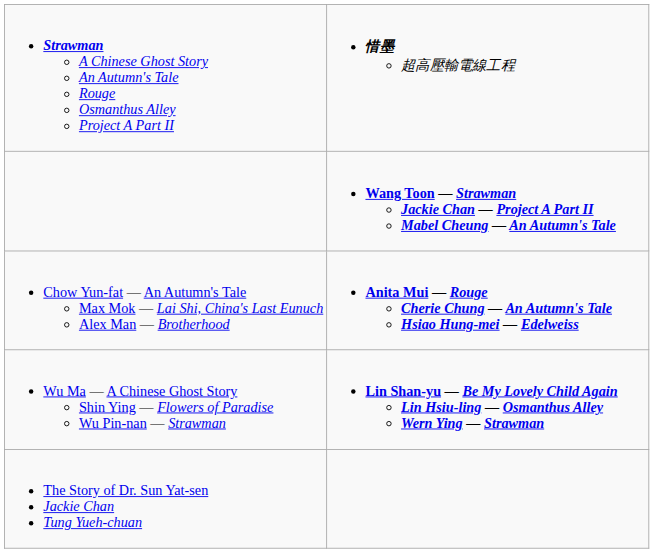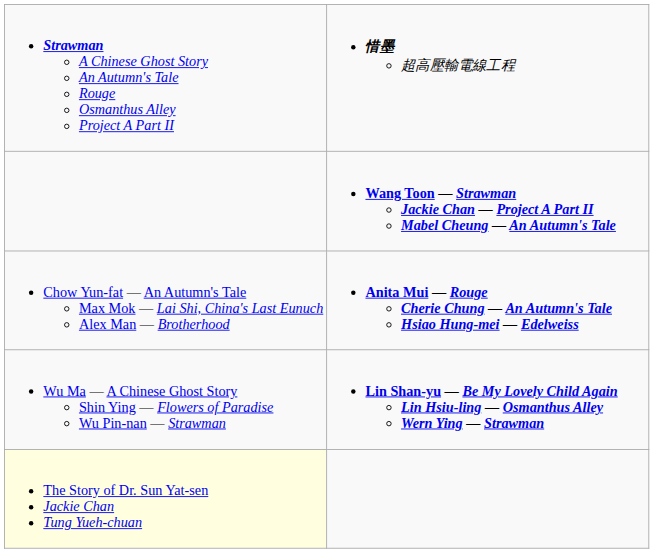 <table class=wikitable>
 <tr>
 <td valign="top" width="50%"><br><ul><li><strong><em><a href='#'>Strawman</a></em></strong><ul><li><em><a href='#'>A Chinese Ghost Story</a></em></li><li><em><a href='#'>An Autumn's Tale</a></em></li><li><em><a href='#'>Rouge</a></em></li><li><em><a href='#'>Osmanthus Alley</a></em></li><li><em><a href='#'>Project A Part II</a></em></li></ul></li></ul></td>
 <td valign="top" width="50%"><br><ul><li><strong><em>惜墨</em></strong><ul><li><em>超高壓輸電線工程</em></li></ul></li></ul></td>
 </tr>
 <tr>
 <td valign="top" width="50%"><br> </td>
 <td valign="top" width="50%"><br><ul><li><strong><a href='#'>Wang Toon</a> — <em><a href='#'>Strawman</a><strong><em><ul><li><a href='#'>Jackie Chan</a>  — </em><a href='#'>Project A Part II</a><em></li><li><a href='#'>Mabel Cheung</a> — </em><a href='#'>An Autumn's Tale</a><em></li></ul></li></ul></td>
 </tr>
 <tr>
 <td valign="top" width="50%"><br><ul><li></strong><a href='#'>Chow Yun-fat</a> — </em><a href='#'>An Autumn's Tale</a></em></strong><ul><li><a href='#'>Max Mok</a> — <em><a href='#'>Lai Shi, China's Last Eunuch</a></em></li><li><a href='#'>Alex Man</a> — <em><a href='#'>Brotherhood</a></em></li></ul></li></ul></td>
 <td valign="top" width="50%"><br><ul><li><strong><a href='#'>Anita Mui</a> — <em><a href='#'>Rouge</a><strong><em><ul><li><a href='#'>Cherie Chung</a> — </em><a href='#'>An Autumn's Tale</a><em></li><li><a href='#'>Hsiao Hung-mei</a> — </em><a href='#'>Edelweiss</a><em></li></ul></li></ul></td>
 </tr>
 <tr>
 <td valign="top" width="50%"><br><ul><li></strong><a href='#'>Wu Ma</a> — </em><a href='#'>A Chinese Ghost Story</a></em></strong><ul><li><a href='#'>Shin Ying</a> — <em><a href='#'>Flowers of Paradise</a></em></li><li><a href='#'>Wu Pin-nan</a> — <em><a href='#'>Strawman</a></em></li></ul></li></ul></td>
 <td valign="top" width="50%"><br><ul><li><strong><a href='#'>Lin Shan-yu</a> — <em><a href='#'>Be My Lovely Child Again</a><strong><em><ul><li><a href='#'>Lin Hsiu-ling</a> — </em><a href='#'>Osmanthus Alley</a><em></li><li><a href='#'>Wern Ying</a> — </em><a href='#'>Strawman</a><em></li></ul></li></ul></td>
 </tr>
 <tr>
-<td valign="top" width="50%"><br><ul><li></em></strong><a href='#'>The Story of Dr. Sun Yat-sen</a><strong><em></li><li></strong><a href='#'>Jackie Chan</a><strong></li><li></strong><a href='#'>Tung Yueh-chuan</a><strong></li></ul></td>
+<td valign="top" width="50%" style="background: lightyellow;"><br><ul><li></em></strong><a href='#'>The Story of Dr. Sun Yat-sen</a><strong><em></li><li></strong><a href='#'>Jackie Chan</a><strong></li><li></strong><a href='#'>Tung Yueh-chuan</a><strong></li></ul></td>
 </tr>
 </table>
